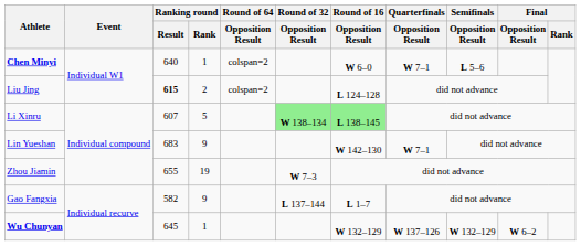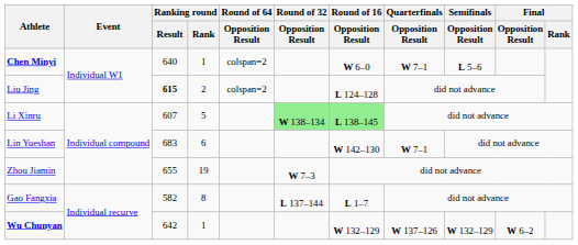 <table class=wikitable style="font-size:90%">
 <tr>
 <th rowspan="2">Athlete</th>
 <th rowspan="2">Event</th>
 <th colspan="2">Ranking round</th>
 <th>Round of 64</th>
 <th>Round of 32</th>
 <th>Round of 16</th>
 <th>Quarterfinals</th>
 <th>Semifinals</th>
 <th colspan="2">Final</th>
 </tr>
 <tr>
 <th>Result</th>
 <th>Rank</th>
 <th>Opposition<br>Result</th>
 <th>Opposition<br>Result</th>
 <th>Opposition<br>Result</th>
 <th>Opposition<br>Result</th>
 <th>Opposition<br>Result</th>
 <th>Opposition<br>Result</th>
 <th>Rank</th>
 </tr>
 <tr align=center>
 <td align=left><strong><a href='#'>Chen Minyi</a></strong></td>
 <td align=left rowspan="2"><a href='#'>Individual W1</a></td>
 <td>640  </td>
 <td>1</td>
 <td>colspan=2 </td>
 <td></td>
 <td><br><strong>W</strong> 6–0</td>
 <td><br><strong>W</strong> 7–1</td>
 <td><br><strong>L</strong> 5–6</td>
 <td></td>
 </tr>
 <tr align=center>
 <td align=left><a href='#'>Liu Jing</a></td>
 <td><strong>615</strong></td>
 <td>2</td>
 <td>colspan=2 </td>
 <td></td>
 <td><br><strong>L</strong> 124–128</td>
 <td colspan=3>did not advance</td>
 </tr>
 <tr align=center>
 <td align=left><a href='#'>Li Xinru</a></td>
 <td align=left rowspan="3"><a href='#'>Individual compound</a></td>
 <td>607</td>
 <td>5</td>
 <td></td>
 <td style="background: lightgreen;"><br><strong>W</strong> 138–134</td>
 <td style="background: lightgreen;"><br><strong>L</strong> 138–145</td>
 <td colspan=4>did not advance</td>
 </tr>
 <tr align=center>
 <td align=left><a href='#'>Lin Yueshan</a></td>
 <td>683</td>
-<td>9</td>
+<td>6</td>
 <td></td>
 <td></td>
 <td><br><strong>W</strong> 142–130</td>
 <td><br><strong>W</strong> 7–1</td>
 <td colspan=3>did not advance</td>
 </tr>
 <tr align=center>
 <td align=left><a href='#'>Zhou Jiamin</a></td>
 <td>655</td>
 <td>19</td>
 <td></td>
 <td><br><strong>W</strong> 7–3</td>
 <td colspan=5>did not advance</td>
 </tr>
 <tr align=center>
 <td align=left><a href='#'>Gao Fangxia</a></td>
 <td align=left rowspan="2"><a href='#'>Individual recurve</a></td>
 <td>582</td>
-<td>9</td>
+<td>8</td>
 <td></td>
 <td><br><strong>L</strong> 137–144</td>
 <td><br><strong>L</strong> 1–7</td>
 <td colspan=4>did not advance</td>
 </tr>
 <tr align=center>
 <td align=left><strong><a href='#'>Wu Chunyan</a></strong></td>
-<td>645 </td>
+<td>642 </td>
 <td>1</td>
 <td></td>
 <td></td>
 <td><br><strong>W</strong> 132–129</td>
 <td><br><strong>W</strong> 137–126</td>
 <td><br><strong>W</strong> 132–129</td>
 <td><br><strong>W</strong> 6–2</td>
 <td></td>
 </tr>
 </table>
